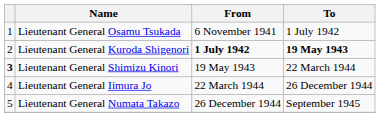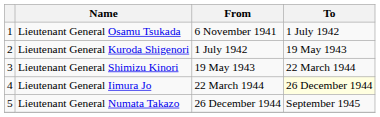 <table class=wikitable>
 <tr>
 <th></th>
 <th>Name</th>
 <th>From</th>
 <th>To</th>
 </tr>
 <tr>
 <td>1</td>
 <td>Lieutenant General <a href='#'>Osamu Tsukada</a></td>
 <td>6 November 1941</td>
 <td>1 July 1942</td>
 </tr>
 <tr>
 <td>2</td>
 <td>Lieutenant General <a href='#'>Kuroda Shigenori</a></td>
-<td><strong>1 July 1942</strong></td>
-<td><strong>19 May 1943</strong></td>
+<td>1 July 1942</td>
+<td>19 May 1943</td>
 </tr>
 <tr>
-<td><strong>3</strong></td>
+<td>3</td>
 <td>Lieutenant General <a href='#'>Shimizu Kinori</a></td>
 <td>19 May 1943</td>
 <td>22 March 1944</td>
 </tr>
 <tr>
 <td>4</td>
 <td>Lieutenant General <a href='#'>Iimura Jo</a></td>
 <td>22 March 1944</td>
-<td>26 December 1944</td>
+<td style="background: lightyellow;">26 December 1944</td>
 </tr>
 <tr>
 <td>5</td>
 <td>Lieutenant General <a href='#'>Numata Takazo</a></td>
 <td>26 December 1944</td>
 <td>September 1945</td>
 </tr>
 <tr>
 </tr>
 </table>
